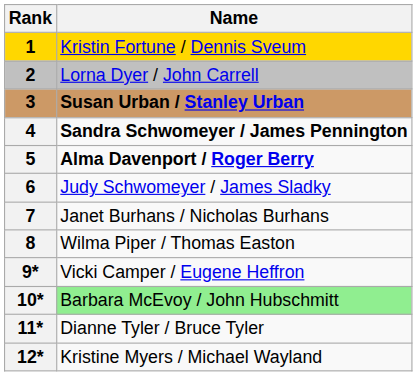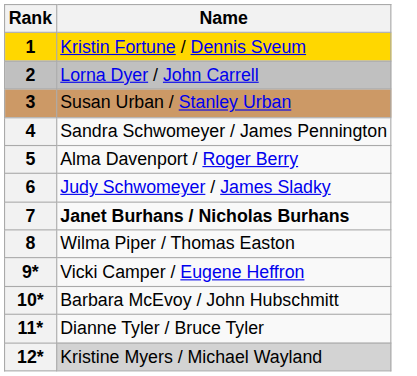 <table class="wikitable">
 <tr>
 <th>Rank</th>
 <th>Name</th>
 </tr>
 <tr bgcolor="gold">
 <td align="center"><strong>1</strong></td>
 <td><a href='#'>Kristin Fortune</a> / <a href='#'>Dennis Sveum</a></td>
 </tr>
 <tr bgcolor="silver">
 <td align="center"><strong>2</strong></td>
 <td><a href='#'>Lorna Dyer</a> / <a href='#'>John Carrell</a></td>
 </tr>
 <tr bgcolor="cc9966">
 <td align="center"><strong>3</strong></td>
-<td><strong>Susan Urban / <a href='#'>Stanley Urban</a></strong></td>
+<td>Susan Urban / <a href='#'>Stanley Urban</a></td>
 </tr>
 <tr>
 <th>4</th>
-<td><strong>Sandra Schwomeyer / James Pennington</strong></td>
+<td>Sandra Schwomeyer / James Pennington</td>
 </tr>
 <tr>
 <th>5</th>
-<td><strong>Alma Davenport / <a href='#'>Roger Berry</a></strong></td>
+<td>Alma Davenport / <a href='#'>Roger Berry</a></td>
 </tr>
 <tr>
 <th>6</th>
 <td><a href='#'>Judy Schwomeyer</a> / <a href='#'>James Sladky</a></td>
 </tr>
 <tr>
 <th>7</th>
-<td>Janet Burhans / Nicholas Burhans</td>
+<td><strong>Janet Burhans / Nicholas Burhans</strong></td>
 </tr>
 <tr>
 <th>8</th>
 <td>Wilma Piper / Thomas Easton</td>
 </tr>
 <tr>
 <th>9*</th>
 <td>Vicki Camper / <a href='#'>Eugene Heffron</a></td>
 </tr>
 <tr>
 <th>10*</th>
-<td style="background: lightgreen;">Barbara McEvoy / John Hubschmitt</td>
+<td>Barbara McEvoy / John Hubschmitt</td>
 </tr>
 <tr>
 <th>11*</th>
 <td>Dianne Tyler / Bruce Tyler</td>
 </tr>
 <tr>
 <th>12*</th>
-<td>Kristine Myers / Michael Wayland</td>
+<td style="background: lightgrey;">Kristine Myers / Michael Wayland</td>
 </tr>
 </table>
